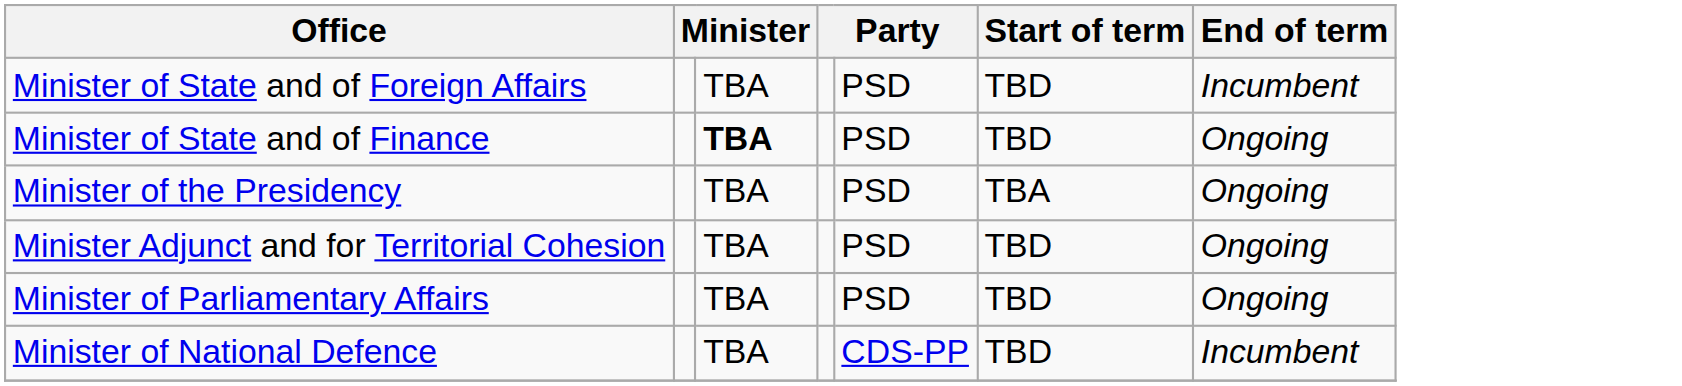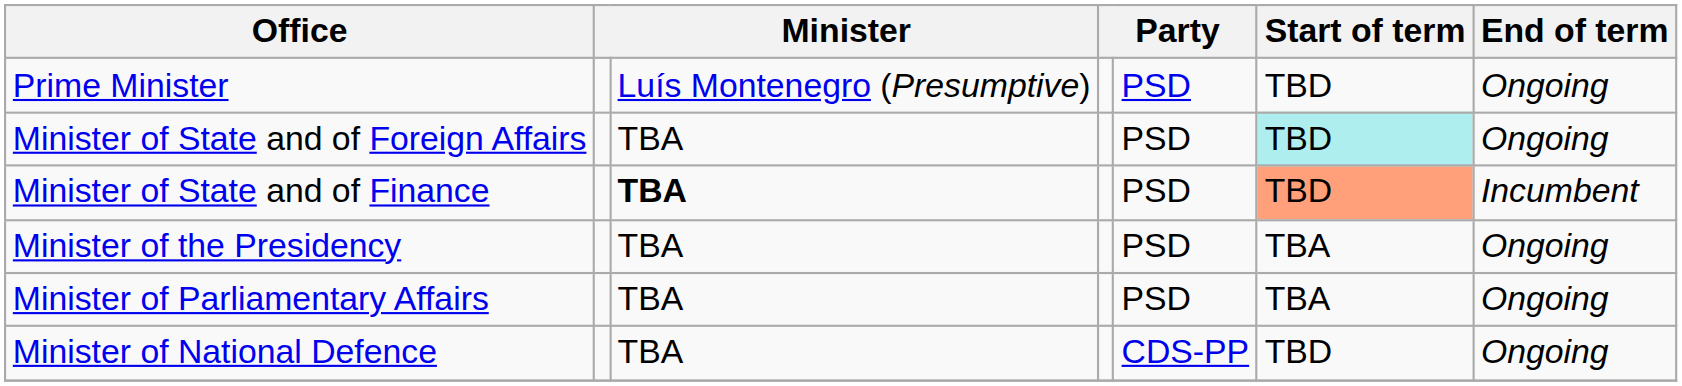 <table class="wikitable">
 <tr>
 <th>Office</th>
 <th colspan="2">Minister</th>
 <th colspan="2">Party</th>
 <th>Start of term</th>
 <th>End of term</th>
 </tr>
 <tr>
+<td><a href='#'>Prime Minister</a></td>
+<td align=center></td>
+<td><a href='#'>Luís Montenegro</a> (<em>Presumptive</em>)</td>
+<td style="background:"></td>
+<td><a href='#'>PSD</a></td>
+<td>TBD</td>
+<td><em>Ongoing</em></td>
+</tr>
+<tr>
 <td><a href='#'>Minister of State</a> and of <a href='#'>Foreign Affairs</a></td>
 <td align=center></td>
 <td>TBA</td>
 <td style="background:"></td>
 <td>PSD</td>
-<td>TBD</td>
-<td><em>Incumbent</em></td>
+<td style="background: paleturquoise;">TBD</td>
+<td><em>Ongoing</em></td>
 </tr>
 <tr>
 <td><a href='#'>Minister of State</a> and of <a href='#'>Finance</a></td>
 <td align=center></td>
 <td><strong>TBA</strong></td>
 <td style="background:"></td>
 <td>PSD</td>
-<td>TBD</td>
-<td><em>Ongoing</em></td>
+<td style="background: lightsalmon;">TBD</td>
+<td><em>Incumbent</em></td>
 </tr>
 <tr>
 <td><a href='#'>Minister of the Presidency</a></td>
 <td align=center></td>
 <td>TBA</td>
 <td style="background:"></td>
 <td>PSD</td>
 <td>TBA</td>
 <td><em>Ongoing</em></td>
 </tr>
 <tr>
-<td><a href='#'>Minister Adjunct</a> and for <a href='#'>Territorial Cohesion</a></td>
-<td align=center></td>
-<td>TBA</td>
-<td style="background:"></td>
-<td>PSD</td>
-<td>TBD</td>
-<td><em>Ongoing</em></td>
-</tr>
-<tr>
 <td><a href='#'>Minister of Parliamentary Affairs</a></td>
 <td align=center></td>
 <td>TBA</td>
 <td style="background:"></td>
 <td>PSD</td>
-<td>TBD</td>
+<td>TBA</td>
 <td><em>Ongoing</em></td>
 </tr>
 <tr>
 <td><a href='#'>Minister of National Defence</a></td>
 <td align=center></td>
 <td>TBA</td>
 <td style="background:"></td>
 <td><a href='#'>CDS-PP</a></td>
 <td>TBD</td>
-<td><em>Incumbent</em></td>
+<td><em>Ongoing</em></td>
 </tr>
 <tr>
 </tr>
 </table>
